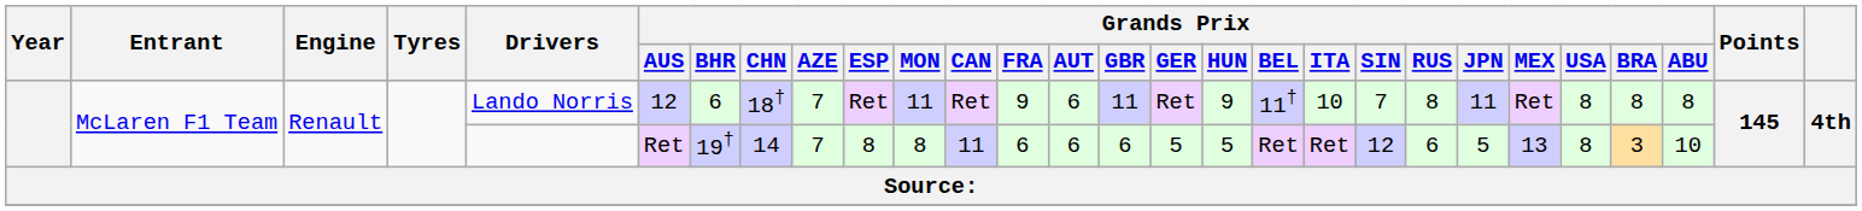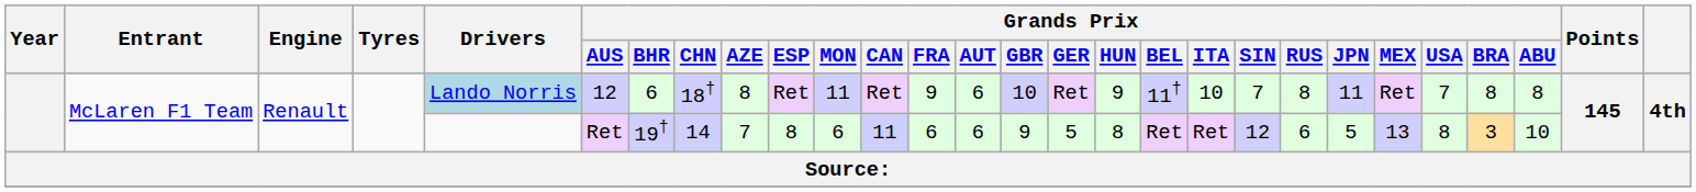 <table class="wikitable" style="text-align:center; font-size:90%">
 <tr>
 <th rowspan="2">Year</th>
 <th rowspan="2">Entrant</th>
 <th rowspan="2">Engine</th>
 <th rowspan="2">Tyres</th>
 <th rowspan="2">Drivers</th>
 <th colspan="21">Grands Prix</th>
 <th rowspan="2">Points</th>
 <th rowspan="2"></th>
 </tr>
 <tr>
 <th><a href='#'>AUS</a></th>
 <th><a href='#'>BHR</a></th>
 <th><a href='#'>CHN</a></th>
 <th><a href='#'>AZE</a></th>
 <th><a href='#'>ESP</a></th>
 <th><a href='#'>MON</a></th>
 <th><a href='#'>CAN</a></th>
 <th><a href='#'>FRA</a></th>
 <th><a href='#'>AUT</a></th>
 <th><a href='#'>GBR</a></th>
 <th><a href='#'>GER</a></th>
 <th><a href='#'>HUN</a></th>
 <th><a href='#'>BEL</a></th>
 <th><a href='#'>ITA</a></th>
 <th><a href='#'>SIN</a></th>
 <th><a href='#'>RUS</a></th>
 <th><a href='#'>JPN</a></th>
 <th><a href='#'>MEX</a></th>
 <th><a href='#'>USA</a></th>
 <th><a href='#'>BRA</a></th>
 <th><a href='#'>ABU</a></th>
 </tr>
 <tr>
 <th rowspan="2"></th>
 <td rowspan="2"><a href='#'>McLaren F1 Team</a></td>
 <td rowspan="2"><a href='#'>Renault</a><br></td>
 <td rowspan="2"></td>
-<td><a href='#'>Lando Norris</a></td>
+<td style="background: lightblue;"><a href='#'>Lando Norris</a></td>
 <td style="background:#CFCFFF;">12</td>
 <td style="background:#dfffdf;">6</td>
 <td style="background:#cfcfff">18<sup>†</sup></td>
-<td style="background:#dfffdf;">7</td>
+<td style="background:#dfffdf;">8</td>
 <td style="background:#EFCFFF;">Ret</td>
 <td style="background:#CFCFFF;">11</td>
 <td style="background:#EFCFFF;">Ret</td>
 <td style="background:#dfffdf;">9</td>
 <td style="background:#dfffdf;">6</td>
-<td style="background:#CFCFFF;">11</td>
+<td style="background:#CFCFFF;">10</td>
 <td style="background:#EFCFFF;">Ret</td>
 <td style="background:#dfffdf;">9</td>
 <td style="background:#CFCFFF;">11<sup>†</sup></td>
 <td style="background:#dfffdf;">10</td>
 <td style="background:#dfffdf;">7</td>
 <td style="background:#dfffdf;">8</td>
 <td style="background:#CFCFFF;">11</td>
 <td style="background:#EFCFFF;">Ret</td>
-<td style="background:#dfffdf;">8</td>
+<td style="background:#dfffdf;">7</td>
 <td style="background:#dfffdf;">8</td>
 <td style="background:#dfffdf;">8</td>
 <th rowspan="2">145</th>
 <th rowspan="2">4th</th>
 </tr>
 <tr>
 <td align="center"></td>
 <td style="background:#EFCFFF;">Ret</td>
 <td style="background:#cfcfff">19<sup>†</sup></td>
 <td style="background:#CFCFFF;">14</td>
 <td style="background:#dfffdf;">7</td>
 <td style="background:#dfffdf;">8</td>
-<td style="background:#dfffdf;">8</td>
+<td style="background:#dfffdf;">6</td>
 <td style="background:#CFCFFF;">11</td>
 <td style="background:#dfffdf;">6</td>
 <td style="background:#dfffdf;">6</td>
-<td style="background:#DFFFDF;">6</td>
+<td style="background:#DFFFDF;">9</td>
 <td style="background:#DFFFDF;">5</td>
-<td style="background:#DFFFDF;">5</td>
+<td style="background:#DFFFDF;">8</td>
 <td style="background:#EFCFFF;">Ret</td>
 <td style="background:#EFCFFF;">Ret</td>
 <td style="background:#CFCFFF;">12</td>
 <td style="background:#dfffdf;">6</td>
 <td style="background:#DFFFDF;">5</td>
 <td style="background:#CFCFFF;">13</td>
 <td style="background:#dfffdf;">8</td>
 <td style="background:#ffdf9f;">3</td>
 <td style="background:#dfffdf;">10</td>
 </tr>
 <tr>
 <th colspan="28">Source:</th>
 </tr>
 <tr>
 </tr>
 </table>
